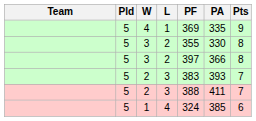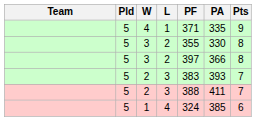 <table class="wikitable" style="text-align:center;">
 <tr>
 <th width=170>Team</th>
 <th width=25>Pld</th>
 <th width=25>W</th>
 <th width=25>L</th>
 <th width=35>PF</th>
 <th width=35>PA</th>
 <th width=25>Pts</th>
 </tr>
 <tr bgcolor=#ccffcc>
 <td align="left"></td>
 <td>5</td>
 <td>4</td>
 <td>1</td>
-<td>369</td>
+<td>371</td>
 <td>335</td>
 <td>9</td>
 </tr>
 <tr bgcolor=#ccffcc>
 <td align="left"></td>
 <td>5</td>
 <td>3</td>
 <td>2</td>
 <td>355</td>
 <td>330</td>
 <td>8</td>
 </tr>
 <tr bgcolor=#ccffcc>
 <td align="left"></td>
 <td>5</td>
 <td>3</td>
 <td>2</td>
 <td>397</td>
 <td>366</td>
 <td>8</td>
 </tr>
 <tr bgcolor=#ccffcc>
 <td align="left"></td>
 <td>5</td>
 <td>2</td>
 <td>3</td>
 <td>383</td>
 <td>393</td>
 <td>7</td>
 </tr>
 <tr bgcolor=#ffcccc>
 <td align="left"></td>
 <td>5</td>
 <td>2</td>
 <td>3</td>
 <td>388</td>
 <td>411</td>
 <td>7</td>
 </tr>
 <tr bgcolor=#ffcccc>
 <td align="left"></td>
 <td>5</td>
 <td>1</td>
 <td>4</td>
 <td>324</td>
 <td>385</td>
 <td>6</td>
 </tr>
 </table>
